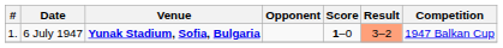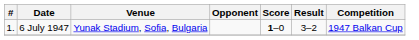 <table class="wikitable" style="font-size: 95%;">
 <tr>
 <th>#</th>
 <th>Date</th>
 <th>Venue</th>
 <th>Opponent</th>
 <th>Score</th>
 <th>Result</th>
 <th>Competition</th>
 </tr>
 <tr>
 <td>1.</td>
 <td>6 July 1947</td>
-<td><strong><a href='#'>Yunak Stadium</a>, <a href='#'>Sofia</a>, <a href='#'>Bulgaria</a></strong></td>
+<td><a href='#'>Yunak Stadium</a>, <a href='#'>Sofia</a>, <a href='#'>Bulgaria</a></td>
 <td></td>
 <td align=center><strong>1</strong>–0</td>
-<td align=center style="background: lightsalmon;">3–2</td>
+<td align=center>3–2</td>
 <td><a href='#'>1947 Balkan Cup</a></td>
 </tr>
 <tr>
 </tr>
 </table>
